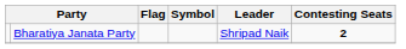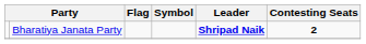 <table class="wikitable " style="text-align:center">
 <tr>
 <th colspan="2">Party</th>
 <th>Flag</th>
 <th>Symbol</th>
 <th>Leader</th>
 <th>Contesting Seats</th>
 </tr>
 <tr>
 <td></td>
 <td><a href='#'>Bharatiya Janata Party</a></td>
 <td></td>
 <td></td>
-<td><a href='#'>Shripad Naik</a></td>
+<td><strong><a href='#'>Shripad Naik</a></strong></td>
 <td><strong>2</strong></td>
 </tr>
 <tr>
 </tr>
 </table>
